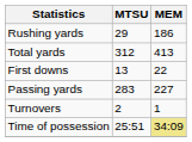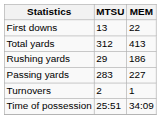 <table class="wikitable">
 <tr>
 <th>Statistics</th>
 <th>MTSU</th>
 <th>MEM</th>
 </tr>
 <tr>
-<td>Rushing yards</td>
-<td>29</td>
-<td>186</td>
+<td>First downs</td>
+<td>13</td>
+<td>22</td>
 </tr>
 <tr>
 <td>Total yards</td>
 <td>312</td>
 <td>413</td>
 </tr>
 <tr>
-<td>First downs</td>
-<td>13</td>
-<td>22</td>
+<td>Rushing yards</td>
+<td>29</td>
+<td>186</td>
 </tr>
 <tr>
 <td>Passing yards</td>
 <td>283</td>
 <td>227</td>
 </tr>
 <tr>
 <td>Turnovers</td>
 <td>2</td>
 <td>1</td>
 </tr>
 <tr>
 <td>Time of possession</td>
 <td>25:51</td>
-<td style="background: khaki;">34:09</td>
+<td>34:09</td>
 </tr>
 <tr>
 </tr>
 </table>
